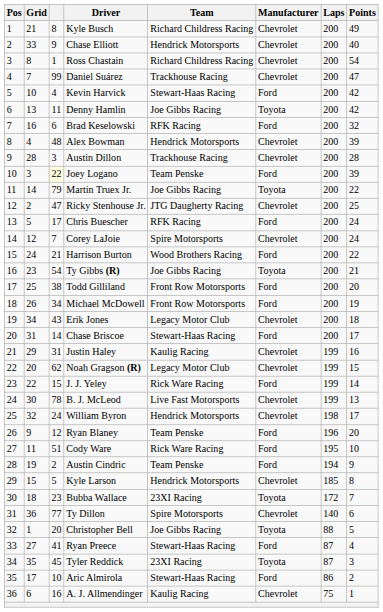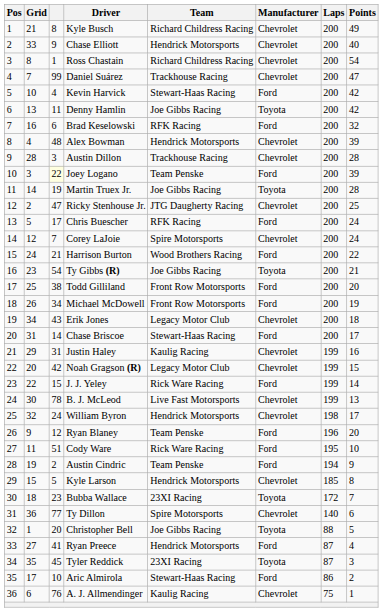 <table class="wikitable" style="font-size:98%">
 <tr>
 <th>Pos</th>
 <th>Grid</th>
 <th></th>
 <th>Driver</th>
 <th>Team</th>
 <th>Manufacturer</th>
 <th>Laps</th>
 <th>Points</th>
 </tr>
 <tr>
 <td>1</td>
 <td>21</td>
 <td>8</td>
 <td>Kyle Busch</td>
 <td>Richard Childress Racing</td>
 <td>Chevrolet</td>
 <td>200</td>
 <td>49</td>
 </tr>
 <tr>
 <td>2</td>
 <td>33</td>
 <td>9</td>
 <td>Chase Elliott</td>
 <td>Hendrick Motorsports</td>
 <td>Chevrolet</td>
 <td>200</td>
 <td>40</td>
 </tr>
 <tr>
 <td>3</td>
 <td>8</td>
 <td>1</td>
 <td>Ross Chastain</td>
 <td>Richard Childress Racing</td>
 <td>Chevrolet</td>
 <td>200</td>
 <td>54</td>
 </tr>
 <tr>
 <td>4</td>
 <td>7</td>
 <td>99</td>
 <td>Daniel Suárez</td>
 <td>Trackhouse Racing</td>
 <td>Chevrolet</td>
 <td>200</td>
 <td>47</td>
 </tr>
 <tr>
 <td>5</td>
 <td>10</td>
 <td>4</td>
 <td>Kevin Harvick</td>
 <td>Stewart-Haas Racing</td>
 <td>Ford</td>
 <td>200</td>
 <td>42</td>
 </tr>
 <tr>
 <td>6</td>
 <td>13</td>
 <td>11</td>
 <td>Denny Hamlin</td>
 <td>Joe Gibbs Racing</td>
 <td>Toyota</td>
 <td>200</td>
 <td>42</td>
 </tr>
 <tr>
 <td>7</td>
 <td>16</td>
 <td>6</td>
 <td>Brad Keselowski</td>
 <td>RFK Racing</td>
 <td>Ford</td>
 <td>200</td>
 <td>32</td>
 </tr>
 <tr>
 <td>8</td>
 <td>4</td>
 <td>48</td>
 <td>Alex Bowman</td>
 <td>Hendrick Motorsports</td>
 <td>Chevrolet</td>
 <td>200</td>
 <td>39</td>
 </tr>
 <tr>
 <td>9</td>
 <td>28</td>
 <td>3</td>
 <td>Austin Dillon</td>
 <td>Trackhouse Racing</td>
 <td>Chevrolet</td>
 <td>200</td>
 <td>28</td>
 </tr>
 <tr>
 <td>10</td>
 <td>3</td>
 <td style="background: lightyellow;">22</td>
 <td>Joey Logano</td>
 <td>Team Penske</td>
 <td>Ford</td>
 <td>200</td>
 <td>39</td>
 </tr>
 <tr>
 <td>11</td>
 <td>14</td>
-<td>79</td>
+<td>19</td>
 <td>Martin Truex Jr.</td>
 <td>Joe Gibbs Racing</td>
 <td>Toyota</td>
 <td>200</td>
-<td>22</td>
+<td>28</td>
 </tr>
 <tr>
 <td>12</td>
 <td>2</td>
 <td>47</td>
 <td>Ricky Stenhouse Jr.</td>
 <td>JTG Daugherty Racing</td>
 <td>Chevrolet</td>
 <td>200</td>
 <td>25</td>
 </tr>
 <tr>
 <td>13</td>
 <td>5</td>
 <td>17</td>
 <td>Chris Buescher</td>
 <td>RFK Racing</td>
 <td>Ford</td>
 <td>200</td>
 <td>24</td>
 </tr>
 <tr>
 <td>14</td>
 <td>12</td>
 <td>7</td>
 <td>Corey LaJoie</td>
 <td>Spire Motorsports</td>
 <td>Chevrolet</td>
 <td>200</td>
 <td>24</td>
 </tr>
 <tr>
 <td>15</td>
 <td>24</td>
 <td>21</td>
 <td>Harrison Burton</td>
 <td>Wood Brothers Racing</td>
 <td>Ford</td>
 <td>200</td>
 <td>22</td>
 </tr>
 <tr>
 <td>16</td>
 <td>23</td>
 <td>54</td>
 <td>Ty Gibbs <strong>(R)</strong></td>
 <td>Joe Gibbs Racing</td>
 <td>Toyota</td>
 <td>200</td>
 <td>21</td>
 </tr>
 <tr>
 <td>17</td>
 <td>25</td>
 <td>38</td>
 <td>Todd Gilliland</td>
 <td>Front Row Motorsports</td>
 <td>Ford</td>
 <td>200</td>
 <td>20</td>
 </tr>
 <tr>
 <td>18</td>
 <td>26</td>
 <td>34</td>
 <td>Michael McDowell</td>
 <td>Front Row Motorsports</td>
 <td>Ford</td>
 <td>200</td>
 <td>19</td>
 </tr>
 <tr>
 <td>19</td>
 <td>34</td>
 <td>43</td>
 <td>Erik Jones</td>
 <td>Legacy Motor Club</td>
 <td>Chevrolet</td>
 <td>200</td>
 <td>18</td>
 </tr>
 <tr>
 <td>20</td>
 <td>31</td>
 <td>14</td>
 <td>Chase Briscoe</td>
 <td>Stewart-Haas Racing</td>
 <td>Ford</td>
 <td>200</td>
 <td>17</td>
 </tr>
 <tr>
 <td>21</td>
 <td>29</td>
 <td>31</td>
 <td>Justin Haley</td>
 <td>Kaulig Racing</td>
 <td>Chevrolet</td>
 <td>199</td>
 <td>16</td>
 </tr>
 <tr>
 <td>22</td>
 <td>20</td>
-<td>62</td>
+<td>42</td>
 <td>Noah Gragson <strong>(R)</strong></td>
 <td>Legacy Motor Club</td>
 <td>Chevrolet</td>
 <td>199</td>
 <td>15</td>
 </tr>
 <tr>
 <td>23</td>
 <td>22</td>
 <td>15</td>
 <td>J. J. Yeley</td>
 <td>Rick Ware Racing</td>
 <td>Ford</td>
 <td>199</td>
 <td>14</td>
 </tr>
 <tr>
 <td>24</td>
 <td>30</td>
 <td>78</td>
 <td>B. J. McLeod</td>
 <td>Live Fast Motorsports</td>
 <td>Chevrolet</td>
 <td>199</td>
 <td>13</td>
 </tr>
 <tr>
 <td>25</td>
 <td>32</td>
 <td>24</td>
 <td>William Byron</td>
 <td>Hendrick Motorsports</td>
 <td>Chevrolet</td>
 <td>198</td>
 <td>17</td>
 </tr>
 <tr>
 <td>26</td>
 <td>9</td>
 <td>12</td>
 <td>Ryan Blaney</td>
 <td>Team Penske</td>
 <td>Ford</td>
 <td>196</td>
 <td>20</td>
 </tr>
 <tr>
 <td>27</td>
 <td>11</td>
 <td>51</td>
 <td>Cody Ware</td>
 <td>Rick Ware Racing</td>
 <td>Ford</td>
 <td>195</td>
 <td>10</td>
 </tr>
 <tr>
 <td>28</td>
 <td>19</td>
 <td>2</td>
 <td>Austin Cindric</td>
 <td>Team Penske</td>
 <td>Ford</td>
 <td>194</td>
 <td>9</td>
 </tr>
 <tr>
 <td>29</td>
 <td>15</td>
 <td>5</td>
 <td>Kyle Larson</td>
 <td>Hendrick Motorsports</td>
 <td>Chevrolet</td>
 <td>185</td>
 <td>8</td>
 </tr>
 <tr>
 <td>30</td>
 <td>18</td>
 <td>23</td>
 <td>Bubba Wallace</td>
 <td>23XI Racing</td>
 <td>Toyota</td>
 <td>172</td>
 <td>7</td>
 </tr>
 <tr>
 <td>31</td>
 <td>36</td>
 <td>77</td>
 <td>Ty Dillon</td>
 <td>Spire Motorsports</td>
 <td>Chevrolet</td>
 <td>140</td>
 <td>6</td>
 </tr>
 <tr>
 <td>32</td>
 <td>1</td>
 <td>20</td>
 <td>Christopher Bell</td>
 <td>Joe Gibbs Racing</td>
 <td>Toyota</td>
 <td>88</td>
 <td>5</td>
 </tr>
 <tr>
 <td>33</td>
 <td>27</td>
 <td>41</td>
 <td>Ryan Preece</td>
-<td>Stewart-Haas Racing</td>
+<td>Hendrick Motorsports</td>
 <td>Ford</td>
 <td>87</td>
 <td>4</td>
 </tr>
 <tr>
 <td>34</td>
 <td>35</td>
 <td>45</td>
 <td>Tyler Reddick</td>
 <td>23XI Racing</td>
 <td>Toyota</td>
 <td>87</td>
 <td>3</td>
 </tr>
 <tr>
 <td>35</td>
 <td>17</td>
 <td>10</td>
 <td>Aric Almirola</td>
 <td>Stewart-Haas Racing</td>
 <td>Ford</td>
 <td>86</td>
 <td>2</td>
 </tr>
 <tr>
 <td>36</td>
 <td>6</td>
-<td>16</td>
+<td>76</td>
 <td>A. J. Allmendinger</td>
 <td>Kaulig Racing</td>
 <td>Chevrolet</td>
 <td>75</td>
 <td>1</td>
 </tr>
 <tr>
 <th colspan="8"></th>
 </tr>
 </table>
